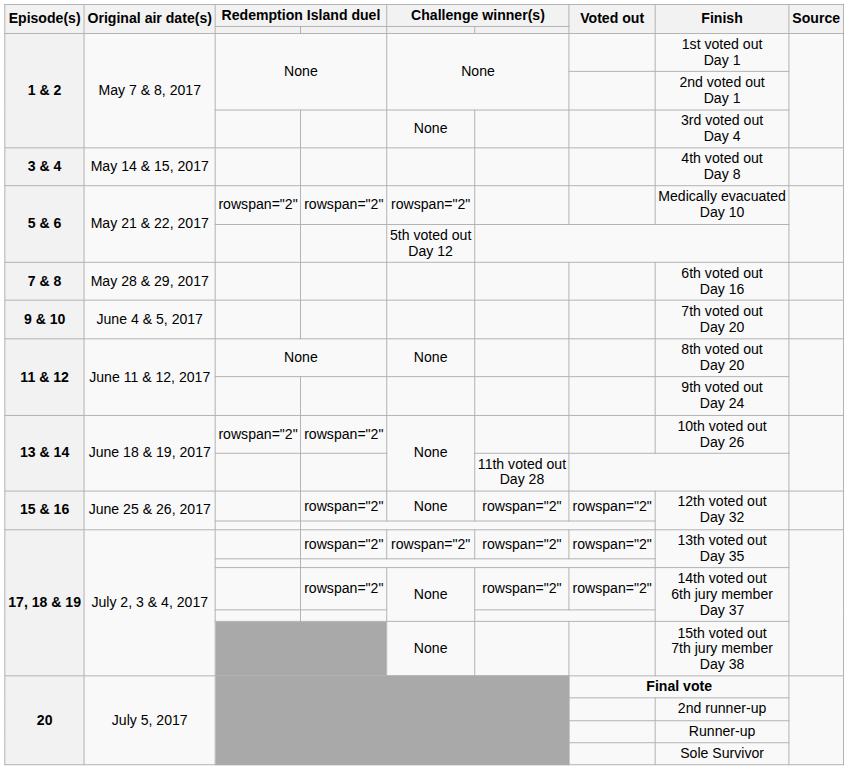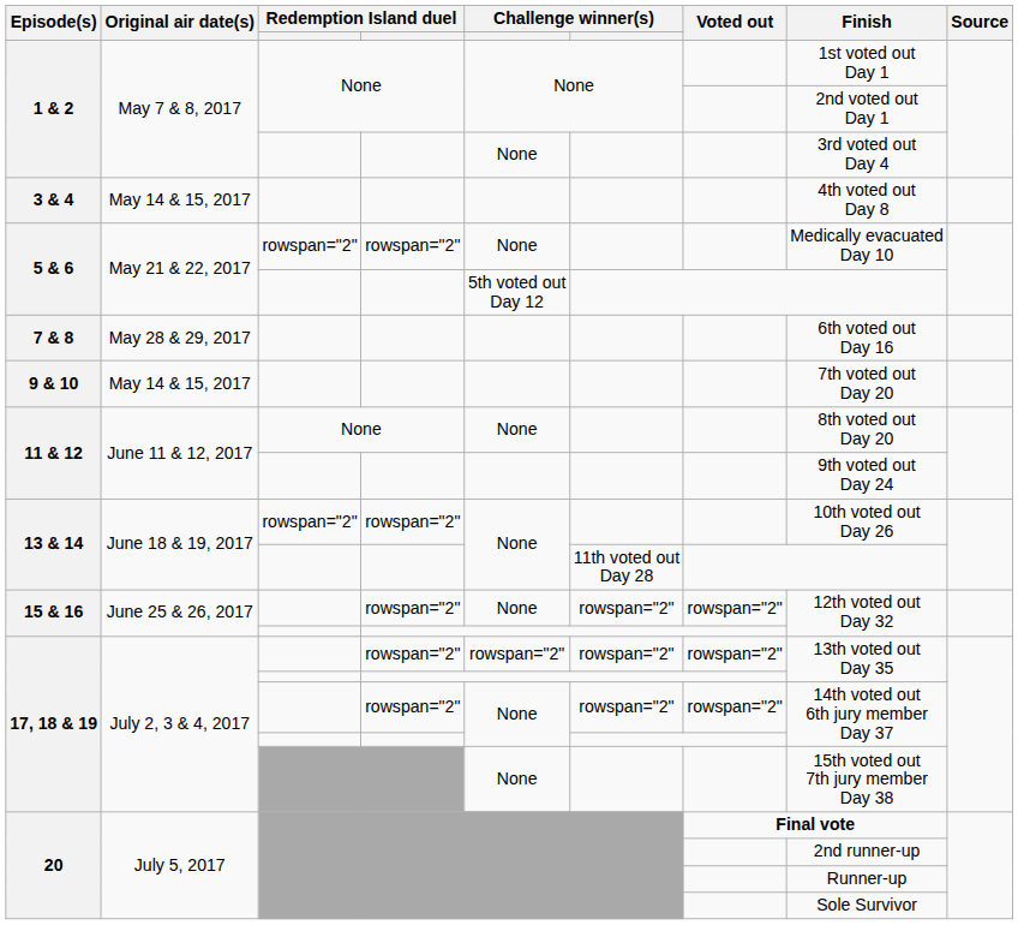 <table class="wikitable" style="margin:auto; text-align:center">
 <tr>
 <th rowspan="2">Episode(s)</th>
 <th rowspan="2">Original air date(s)</th>
 <th colspan="2">Redemption Island duel</th>
 <th colspan="2">Challenge winner(s)</th>
 <th rowspan=2>Voted out</th>
 <th rowspan=2>Finish</th>
 <th rowspan=2>Source</th>
 </tr>
 <tr>
 <th></th>
 <th></th>
 <th></th>
 <th></th>
 </tr>
 <tr>
 <th rowspan="3">1 & 2</th>
 <td rowspan="3">May 7 & 8, 2017</td>
 <td colspan="2" rowspan="2">None</td>
 <td colspan="2" rowspan="2">None</td>
 <td></td>
 <td>1st voted out<br>Day 1</td>
 <td rowspan="3"></td>
 </tr>
 <tr>
 <td></td>
 <td>2nd voted out<br>Day 1</td>
 </tr>
 <tr>
 <td></td>
 <td></td>
 <td>None</td>
 <td></td>
 <td></td>
 <td>3rd voted out<br>Day 4</td>
 </tr>
 <tr>
 <th>3 & 4</th>
 <td>May 14 & 15, 2017</td>
 <td></td>
 <td></td>
 <td></td>
 <td></td>
 <td></td>
 <td>4th voted out<br>Day 8</td>
 <td></td>
 </tr>
 <tr>
 <th rowspan="2">5 & 6</th>
 <td rowspan="2">May 21 & 22, 2017</td>
 <td>rowspan="2" </td>
 <td>rowspan="2" </td>
-<td>rowspan="2" </td>
+<td>None</td>
 <td></td>
 <td></td>
 <td>Medically evacuated<br>Day 10</td>
 <td rowspan="2"></td>
 </tr>
 <tr>
 <td></td>
 <td></td>
 <td>5th voted out<br>Day 12</td>
 </tr>
 <tr>
 <th>7 & 8</th>
 <td>May 28 & 29, 2017</td>
 <td></td>
 <td></td>
 <td></td>
 <td></td>
 <td></td>
 <td>6th voted out<br>Day 16</td>
 <td></td>
 </tr>
 <tr>
 <th>9 & 10</th>
-<td>June 4 & 5, 2017</td>
+<td>May 14 & 15, 2017</td>
 <td></td>
 <td></td>
 <td></td>
 <td></td>
 <td></td>
 <td>7th voted out<br>Day 20</td>
 <td></td>
 </tr>
 <tr>
 <th rowspan="2">11 & 12</th>
 <td rowspan="2">June 11 & 12, 2017</td>
 <td colspan="2">None</td>
 <td>None</td>
 <td></td>
 <td></td>
 <td>8th voted out<br>Day 20</td>
 <td rowspan="2"></td>
 </tr>
 <tr>
 <td></td>
 <td></td>
 <td></td>
 <td></td>
 <td></td>
 <td>9th voted out<br>Day 24</td>
 </tr>
 <tr>
 <th rowspan="2">13 & 14</th>
 <td rowspan="2">June 18 & 19, 2017</td>
 <td>rowspan="2" </td>
 <td>rowspan="2" </td>
 <td rowspan="2">None</td>
 <td></td>
 <td></td>
 <td>10th voted out<br>Day 26</td>
 <td rowspan="2"></td>
 </tr>
 <tr>
 <td></td>
 <td></td>
 <td>11th voted out<br>Day 28</td>
 </tr>
 <tr>
 <th rowspan="2">15 & 16</th>
 <td rowspan="2">June 25 & 26, 2017</td>
 <td></td>
 <td>rowspan="2" </td>
 <td>None</td>
 <td>rowspan="2" </td>
 <td>rowspan="2" </td>
 <td rowspan="2">12th voted out<br>Day 32</td>
 <td rowspan="2"></td>
 </tr>
 <tr>
 <td></td>
 </tr>
 <tr>
 <th rowspan="5">17, 18 & 19</th>
 <td rowspan="5">July 2, 3 & 4, 2017</td>
 <td></td>
 <td>rowspan="2" </td>
 <td>rowspan="2" </td>
 <td>rowspan="2" </td>
 <td>rowspan="2" </td>
 <td rowspan="2">13th voted out<br>Day 35</td>
 <td rowspan="5"></td>
 </tr>
 <tr>
 <td></td>
 </tr>
 <tr>
 <td></td>
 <td>rowspan="2" </td>
 <td rowspan="2">None</td>
 <td>rowspan="2" </td>
 <td>rowspan="2" </td>
 <td rowspan="2">14th voted out<br>6th jury member<br>Day 37</td>
 </tr>
 <tr>
 <td></td>
 </tr>
 <tr>
 <td colspan="2" bgcolor=darkgrey></td>
 <td>None</td>
 <td></td>
 <td></td>
 <td>15th voted out<br>7th jury member<br>Day 38</td>
 </tr>
 <tr>
 <th rowspan="4">20</th>
 <td rowspan="4">July 5, 2017</td>
 <td rowspan="4" colspan="4" bgcolor="darkgray"></td>
 <td colspan="2"><strong>Final vote</strong></td>
 <td rowspan="4"></td>
 </tr>
 <tr>
 <td></td>
 <td>2nd runner-up</td>
 </tr>
 <tr>
 <td></td>
 <td>Runner-up</td>
 </tr>
 <tr>
 <td></td>
 <td>Sole Survivor</td>
 </tr>
 </table>
